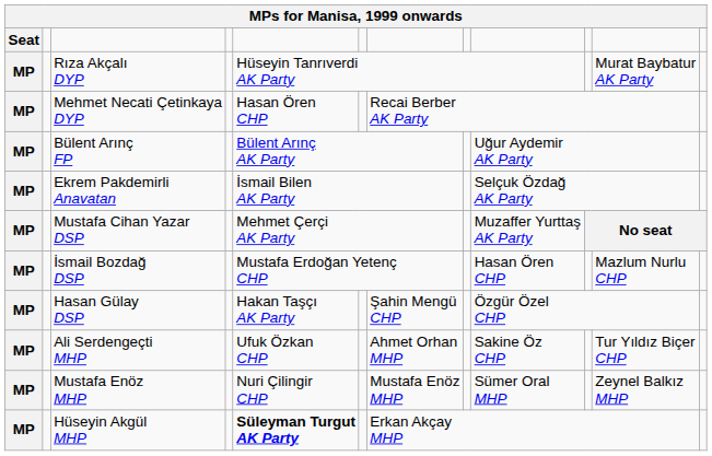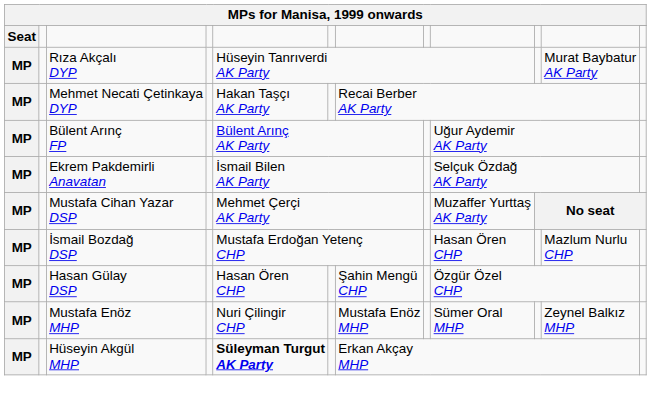 <table class="wikitable">
 <tr>
 <th colspan = 12>MPs for Manisa, 1999 onwards</th>
 </tr>
 <tr>
 <th rowspan = 2>Seat</th>
 <td rowspan="2" style="width:1px;"></td>
 <td rowspan = 2></td>
 <td rowspan="2" style="width:1px;"></td>
 <td rowspan = 2></td>
 <td rowspan="2" style="width:1px;"></td>
 <td rowspan = 2></td>
 <td rowspan="2" style="width:1px;"></td>
 <td rowspan = 2></td>
 <td rowspan="2" style="width:1px;"></td>
 <td rowspan = 2></td>
 </tr>
 <tr>
 <td></td>
 </tr>
 <tr>
 <th>MP</th>
 <td width=1px style="background-color: "></td>
 <td colspan = 1>Rıza Akçalı<br><em><a href='#'>DYP</a></em></td>
 <td width=1px style="background-color: "></td>
 <td colspan = 5>Hüseyin Tanrıverdi<br><em><a href='#'>AK Party</a></em></td>
 <td width=1px style="background-color: "></td>
 <td colspan = 1>Murat Baybatur<br><em><a href='#'>AK Party</a></em></td>
 <td width=1px style="background-color: "></td>
 </tr>
 <tr>
 <th>MP</th>
 <td width=1px style="background-color: "></td>
 <td colspan = 1>Mehmet Necati Çetinkaya<br><em><a href='#'>DYP</a></em></td>
 <td width=1px style="background-color: "></td>
-<td colspan = 1>Hasan Ören<br><em><a href='#'>CHP</a></em></td>
+<td colspan = 1>Hakan Taşçı<br><em><a href='#'>AK Party</a></em></td>
 <td width=1px style="background-color: "></td>
 <td colspan = 5>Recai Berber<br><em><a href='#'>AK Party</a></em></td>
 <td width=1px style="background-color: "></td>
 </tr>
 <tr>
 <th>MP</th>
 <td width=1px style="background-color: "></td>
 <td colspan = 1>Bülent Arınç<br><em><a href='#'>FP</a></em></td>
 <td width=1px style="background-color: "></td>
 <td colspan = 3><a href='#'>Bülent Arınç</a><br><em><a href='#'>AK Party</a></em></td>
 <td width=1px style="background-color: "></td>
 <td colspan = 3>Uğur Aydemir<br><em><a href='#'>AK Party</a></em></td>
 <td width=1px style="background-color: "></td>
 </tr>
 <tr>
 <th>MP</th>
 <td width=1px style="background-color: "></td>
 <td colspan = 1>Ekrem Pakdemirli<br><em><a href='#'>Anavatan</a></em></td>
 <td width=1px style="background-color: "></td>
 <td colspan = 3>İsmail Bilen<br><em><a href='#'>AK Party</a></em></td>
 <td width=1px style="background-color: "></td>
 <td colspan = 3>Selçuk Özdağ<br><em><a href='#'>AK Party</a></em></td>
 <td width=1px style="background-color: "></td>
 </tr>
 <tr>
 <th>MP</th>
 <td width=1px style="background-color: "></td>
 <td colspan = 1>Mustafa Cihan Yazar<br><em><a href='#'>DSP</a></em></td>
 <td width=1px style="background-color: "></td>
 <td colspan = 3>Mehmet Çerçi<br><em><a href='#'>AK Party</a></em></td>
 <td width=1px style="background-color: "></td>
 <td colspan = 1>Muzaffer Yurttaş<br><em><a href='#'>AK Party</a></em></td>
 <th colspan = 3>No seat</th>
 </tr>
 <tr>
 <th>MP</th>
 <td width=1px style="background-color: "></td>
 <td colspan = 1>İsmail Bozdağ<br><em><a href='#'>DSP</a></em></td>
 <td width=1px style="background-color: "></td>
 <td colspan = 3>Mustafa Erdoğan Yetenç<br><em><a href='#'>CHP</a></em></td>
 <td width=1px style="background-color: "></td>
 <td colspan = 1>Hasan Ören<br><em><a href='#'>CHP</a></em></td>
 <td width=1px style="background-color: "></td>
 <td colspan = 1>Mazlum Nurlu<br><em><a href='#'>CHP</a></em></td>
 <td width=1px style="background-color: "></td>
 </tr>
 <tr>
 <th>MP</th>
 <td width=1px style="background-color: "></td>
 <td colspan = 1>Hasan Gülay<br><em><a href='#'>DSP</a></em></td>
 <td width=1px style="background-color: "></td>
-<td colspan = 1>Hakan Taşçı<br><em><a href='#'>AK Party</a></em></td>
+<td colspan = 1>Hasan Ören<br><em><a href='#'>CHP</a></em></td>
 <td width=1px style="background-color: "></td>
 <td colspan = 1>Şahin Mengü<br><em><a href='#'>CHP</a></em></td>
 <td width=1px style="background-color: "></td>
 <td colspan = 3>Özgür Özel<br><em><a href='#'>CHP</a></em></td>
-<td width=1px style="background-color: "></td>
-</tr>
-<tr>
-<th>MP</th>
-<td width=1px style="background-color: "></td>
-<td colspan = 1>Ali Serdengeçti<br><em><a href='#'>MHP</a></em></td>
-<td width=1px style="background-color: "></td>
-<td colspan = 1>Ufuk Özkan<br><em><a href='#'>CHP</a></em></td>
-<td width=1px style="background-color: "></td>
-<td colspan = 1>Ahmet Orhan<br><em><a href='#'>MHP</a></em></td>
-<td width=1px style="background-color: "></td>
-<td colspan = 1>Sakine Öz<br><em><a href='#'>CHP</a></em></td>
-<td width=1px style="background-color: "></td>
-<td colspan = 1>Tur Yıldız Biçer<br><em><a href='#'>CHP</a></em></td>
 <td width=1px style="background-color: "></td>
 </tr>
 <tr>
 <th>MP</th>
 <td width=1px style="background-color: "></td>
 <td colspan = 1>Mustafa Enöz<br><em><a href='#'>MHP</a></em></td>
 <td width=1px style="background-color: "></td>
 <td colspan = 1>Nuri Çilingir<br><em><a href='#'>CHP</a></em></td>
 <td width=1px style="background-color: "></td>
 <td colspan = 1>Mustafa Enöz<br><em><a href='#'>MHP</a></em></td>
 <td width=1px style="background-color: "></td>
 <td colspan = 1>Sümer Oral<br><em><a href='#'>MHP</a></em></td>
 <td width=1px style="background-color: "></td>
 <td colspan = 1>Zeynel Balkız<br><em><a href='#'>MHP</a></em></td>
 <td width=1px style="background-color: "></td>
 </tr>
 <tr>
 <th>MP</th>
 <td width=1px style="background-color: "></td>
 <td colspan = 1>Hüseyin Akgül<br><em><a href='#'>MHP</a></em></td>
 <td width=1px style="background-color: "></td>
 <td colspan = 1><strong>Süleyman Turgut<br><em><a href='#'>AK Party</a></em></strong></td>
 <td width=1px style="background-color: "></td>
 <td colspan = 5>Erkan Akçay<br><em><a href='#'>MHP</a></em></td>
 <td width=1px style="background-color: "></td>
 </tr>
 </table>
